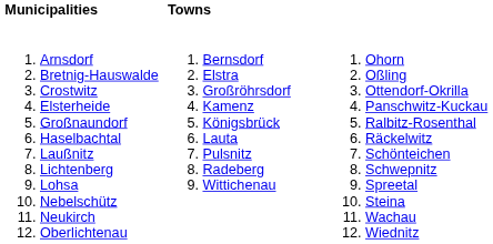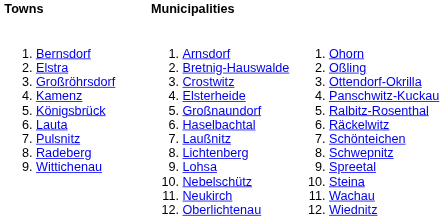 <table>
 <tr>
+<th align=left width=33%>Towns</th>
 <th align=left width=33%>Municipalities</th>
-<th align=left width=33%>Towns</th>
 <th align=left width=33%></th>
 </tr>
 <tr valign=top>
+<td><br><ol><li><a href='#'>Bernsdorf</a></li><li><a href='#'>Elstra</a></li><li><a href='#'>Großröhrsdorf</a></li><li><a href='#'>Kamenz</a></li><li><a href='#'>Königsbrück</a></li><li><a href='#'>Lauta</a></li><li><a href='#'>Pulsnitz</a></li><li><a href='#'>Radeberg</a></li><li><a href='#'>Wittichenau</a></li></ol></td>
 <td><br><ol><li><a href='#'>Arnsdorf</a></li><li><a href='#'>Bretnig-Hauswalde</a></li><li><a href='#'>Crostwitz</a></li><li><a href='#'>Elsterheide</a></li><li><a href='#'>Großnaundorf</a></li><li><a href='#'>Haselbachtal</a></li><li><a href='#'>Laußnitz</a></li><li><a href='#'>Lichtenberg</a></li><li><a href='#'>Lohsa</a></li><li><a href='#'>Nebelschütz</a></li><li><a href='#'>Neukirch</a></li><li><a href='#'>Oberlichtenau</a></li></ol></td>
-<td><br><ol><li><a href='#'>Bernsdorf</a></li><li><a href='#'>Elstra</a></li><li><a href='#'>Großröhrsdorf</a></li><li><a href='#'>Kamenz</a></li><li><a href='#'>Königsbrück</a></li><li><a href='#'>Lauta</a></li><li><a href='#'>Pulsnitz</a></li><li><a href='#'>Radeberg</a></li><li><a href='#'>Wittichenau</a></li></ol></td>
 <td><br><ol> <li><a href='#'>Ohorn</a> <li><a href='#'>Oßling</a> <li><a href='#'>Ottendorf-Okrilla</a> <li><a href='#'>Panschwitz-Kuckau</a> <li><a href='#'>Ralbitz-Rosenthal</a> <li><a href='#'>Räckelwitz</a> <li><a href='#'>Schönteichen</a> <li><a href='#'>Schwepnitz</a> <li><a href='#'>Spreetal</a> <li><a href='#'>Steina</a> <li><a href='#'>Wachau</a> <li><a href='#'>Wiednitz</a> </ol></td>
 </tr>
 </table>
